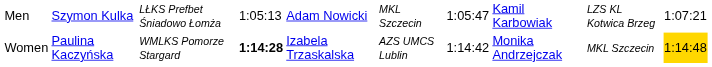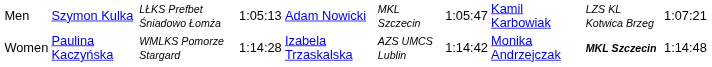 <table>
 <tr>
 <td>Men</td>
 <td><a href='#'>Szymon Kulka</a></td>
 <td><small><em>LŁKS Prefbet Śniadowo Łomża</em></small></td>
 <td>1:05:13</td>
 <td><a href='#'>Adam Nowicki</a></td>
 <td><small><em>MKL Szczecin</em></small></td>
 <td>1:05:47</td>
 <td><a href='#'>Kamil Karbowiak</a></td>
 <td><small><em>LZS KL Kotwica Brzeg</em></small></td>
 <td>1:07:21</td>
 </tr>
 <tr>
 <td>Women</td>
 <td><a href='#'>Paulina Kaczyńska</a></td>
 <td><small><em>WMLKS Pomorze Stargard</em></small></td>
-<td><strong>1:14:28</strong></td>
+<td>1:14:28</td>
 <td><a href='#'>Izabela Trzaskalska</a></td>
 <td><small><em>AZS UMCS Lublin</em></small></td>
 <td>1:14:42</td>
 <td><a href='#'>Monika Andrzejczak</a></td>
-<td><small><em>MKL Szczecin</em></small></td>
-<td style="background: gold;">1:14:48</td>
+<td><strong><small><em>MKL Szczecin</em></small></strong></td>
+<td>1:14:48</td>
 </tr>
 </table>
